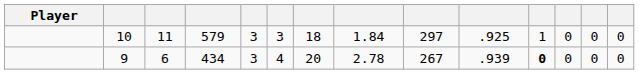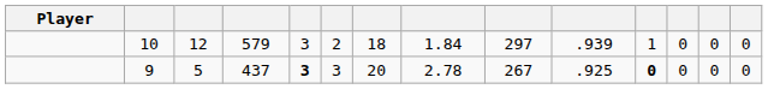 <table class="wikitable sortable" style="width:100%; text-align:center;">
 <tr style="text-align:center; background:#ddd;">
 <th>Player</th>
 <th></th>
 <th></th>
 <th></th>
 <th></th>
 <th></th>
 <th></th>
 <th></th>
 <th></th>
 <th></th>
 <th></th>
 <th></th>
 <th></th>
 <th></th>
 </tr>
 <tr>
 <td></td>
 <td>10</td>
-<td>11</td>
+<td>12</td>
 <td>579</td>
 <td>3</td>
-<td>3</td>
+<td>2</td>
 <td>18</td>
 <td>1.84</td>
 <td>297</td>
-<td>.925</td>
+<td>.939</td>
 <td>1</td>
 <td>0</td>
 <td>0</td>
 <td>0</td>
 </tr>
 <tr>
 <td style=white-space:nowrap></td>
 <td>9</td>
-<td>6</td>
-<td>434</td>
+<td>5</td>
+<td>437</td>
+<td><strong>3</strong></td>
 <td>3</td>
-<td>4</td>
 <td>20</td>
 <td>2.78</td>
 <td>267</td>
-<td>.939</td>
+<td>.925</td>
 <td><strong>0</strong></td>
 <td>0</td>
 <td>0</td>
 <td>0</td>
 </tr>
 </table>
